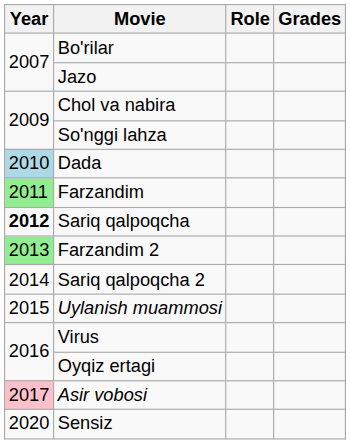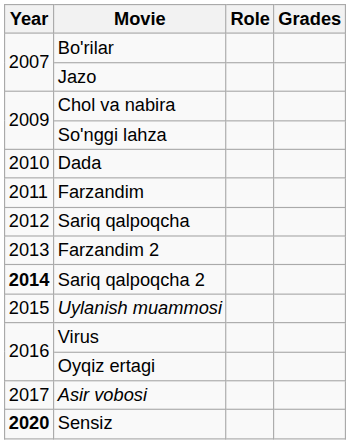 <table class="wikitable sortable">
 <tr>
 <th>Year</th>
 <th>Movie</th>
 <th>Role</th>
 <th>Grades</th>
 </tr>
 <tr>
 <td rowspan="2">2007</td>
 <td>Bo'rilar</td>
 <td></td>
 <td></td>
 </tr>
 <tr>
 <td>Jazo</td>
 <td></td>
 <td></td>
 </tr>
 <tr>
 <td rowspan="2">2009</td>
 <td>Chol va nabira</td>
 <td></td>
 <td></td>
 </tr>
 <tr>
 <td>So'nggi lahza</td>
 <td></td>
 <td></td>
 </tr>
 <tr>
-<td style="background: lightblue;">2010</td>
+<td>2010</td>
 <td>Dada</td>
 <td></td>
 <td></td>
 </tr>
 <tr>
-<td style="background: lightgreen;">2011</td>
+<td>2011</td>
 <td>Farzandim</td>
 <td></td>
 <td></td>
 </tr>
 <tr>
-<td><strong>2012</strong></td>
+<td>2012</td>
 <td>Sariq qalpoqcha</td>
 <td></td>
 <td></td>
 </tr>
 <tr>
-<td style="background: lightgreen;">2013</td>
+<td>2013</td>
 <td>Farzandim 2</td>
 <td></td>
 <td></td>
 </tr>
 <tr>
-<td>2014</td>
+<td><strong>2014</strong></td>
 <td>Sariq qalpoqcha 2</td>
 <td></td>
 <td></td>
 </tr>
 <tr>
 <td rowspan="1">2015</td>
 <td><em>Uylanish muammosi</em></td>
 <td></td>
 <td></td>
 </tr>
 <tr>
 <td rowspan="2">2016</td>
 <td>Virus</td>
 <td></td>
 <td></td>
 </tr>
 <tr>
 <td>Oyqiz ertagi</td>
 <td></td>
 <td></td>
 </tr>
 <tr>
-<td rowspan="1" style="background: pink;">2017</td>
+<td rowspan="1">2017</td>
 <td><em>Asir vobosi</em></td>
 <td></td>
 <td></td>
 </tr>
 <tr>
-<td>2020</td>
+<td><strong>2020</strong></td>
 <td>Sensiz</td>
 <td></td>
 <td></td>
 </tr>
 </table>
